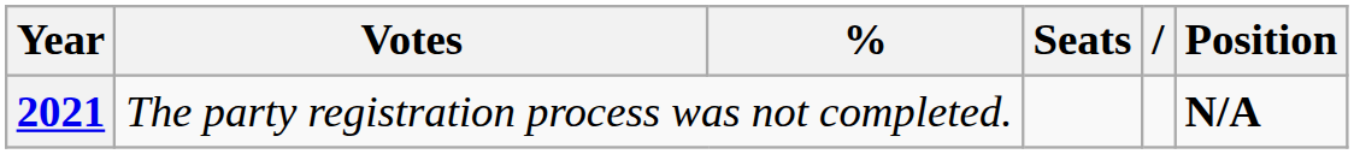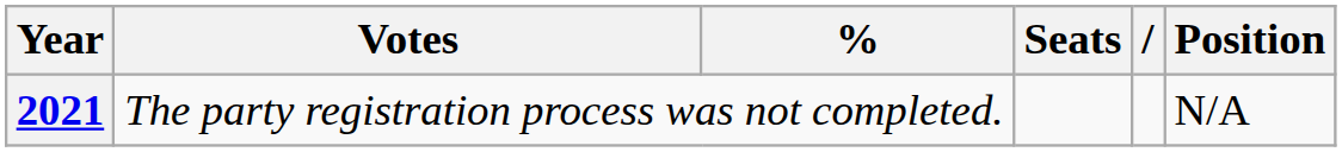 <table class="wikitable">
 <tr>
 <th>Year</th>
 <th>Votes</th>
 <th>%</th>
 <th>Seats</th>
 <th>/</th>
 <th>Position</th>
 </tr>
 <tr>
 <th><a href='#'>2021</a></th>
 <td colspan="2"><em>The party registration process was not completed.</em></td>
 <td></td>
 <td></td>
-<td><strong>N/A</strong></td>
+<td>N/A</td>
 </tr>
 </table>
